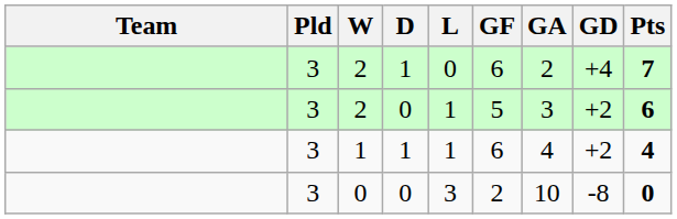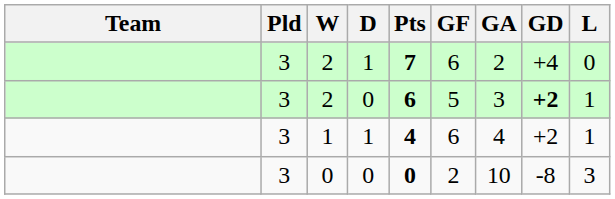 <table class="wikitable" style="text-align: center;">
 <tr>
 <th width="165">Team</th>
 <th width="20">Pld</th>
 <th width="20">W</th>
 <th width="20">D</th>
-<th width="20">L</th>
+<th width="20">Pts</th>
 <th width="20">GF</th>
 <th width="20">GA</th>
 <th width="20">GD</th>
-<th width="20">Pts</th>
+<th width="20">L</th>
 </tr>
 <tr bgcolor=#ccffcc>
 <td align=left></td>
 <td>3</td>
 <td>2</td>
 <td>1</td>
-<td>0</td>
+<td><strong>7</strong></td>
 <td>6</td>
 <td>2</td>
 <td>+4</td>
-<td><strong>7</strong></td>
+<td>0</td>
 </tr>
 <tr bgcolor=#ccffcc>
 <td align=left></td>
 <td>3</td>
 <td>2</td>
 <td>0</td>
-<td>1</td>
+<td><strong>6</strong></td>
 <td>5</td>
 <td>3</td>
-<td>+2</td>
-<td><strong>6</strong></td>
+<td><strong>+2</strong></td>
+<td>1</td>
 </tr>
 <tr bgcolor=>
 <td align=left></td>
 <td>3</td>
 <td>1</td>
 <td>1</td>
-<td>1</td>
+<td><strong>4</strong></td>
 <td>6</td>
 <td>4</td>
 <td>+2</td>
-<td><strong>4</strong></td>
+<td>1</td>
 </tr>
 <tr bgcolor=>
 <td align=left></td>
 <td>3</td>
 <td>0</td>
 <td>0</td>
-<td>3</td>
+<td><strong>0</strong></td>
 <td>2</td>
 <td>10</td>
 <td>-8</td>
-<td><strong>0</strong></td>
+<td>3</td>
 </tr>
 </table>
